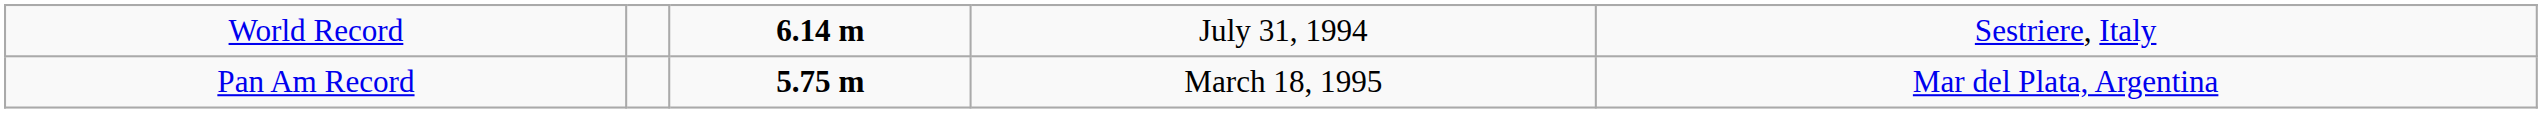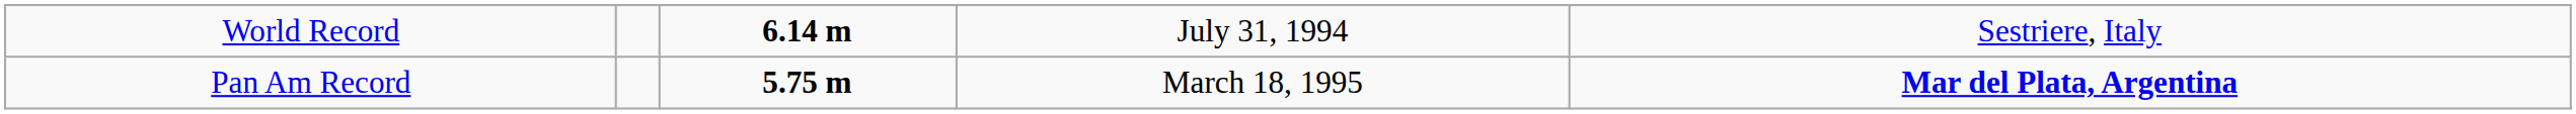 <table class="wikitable" style=" text-align:center; font-size:95%;" width="78%">
 <tr>
 <td><a href='#'>World Record</a></td>
 <td></td>
 <td><strong>6.14 m </strong></td>
 <td>July 31, 1994</td>
 <td> <a href='#'>Sestriere</a>, <a href='#'>Italy</a></td>
 </tr>
 <tr>
 <td><a href='#'>Pan Am Record</a></td>
 <td></td>
 <td><strong>5.75 m </strong></td>
 <td>March 18, 1995</td>
-<td> <a href='#'>Mar del Plata, Argentina</a></td>
+<td><strong> <a href='#'>Mar del Plata, Argentina</a></strong></td>
 </tr>
 </table>
